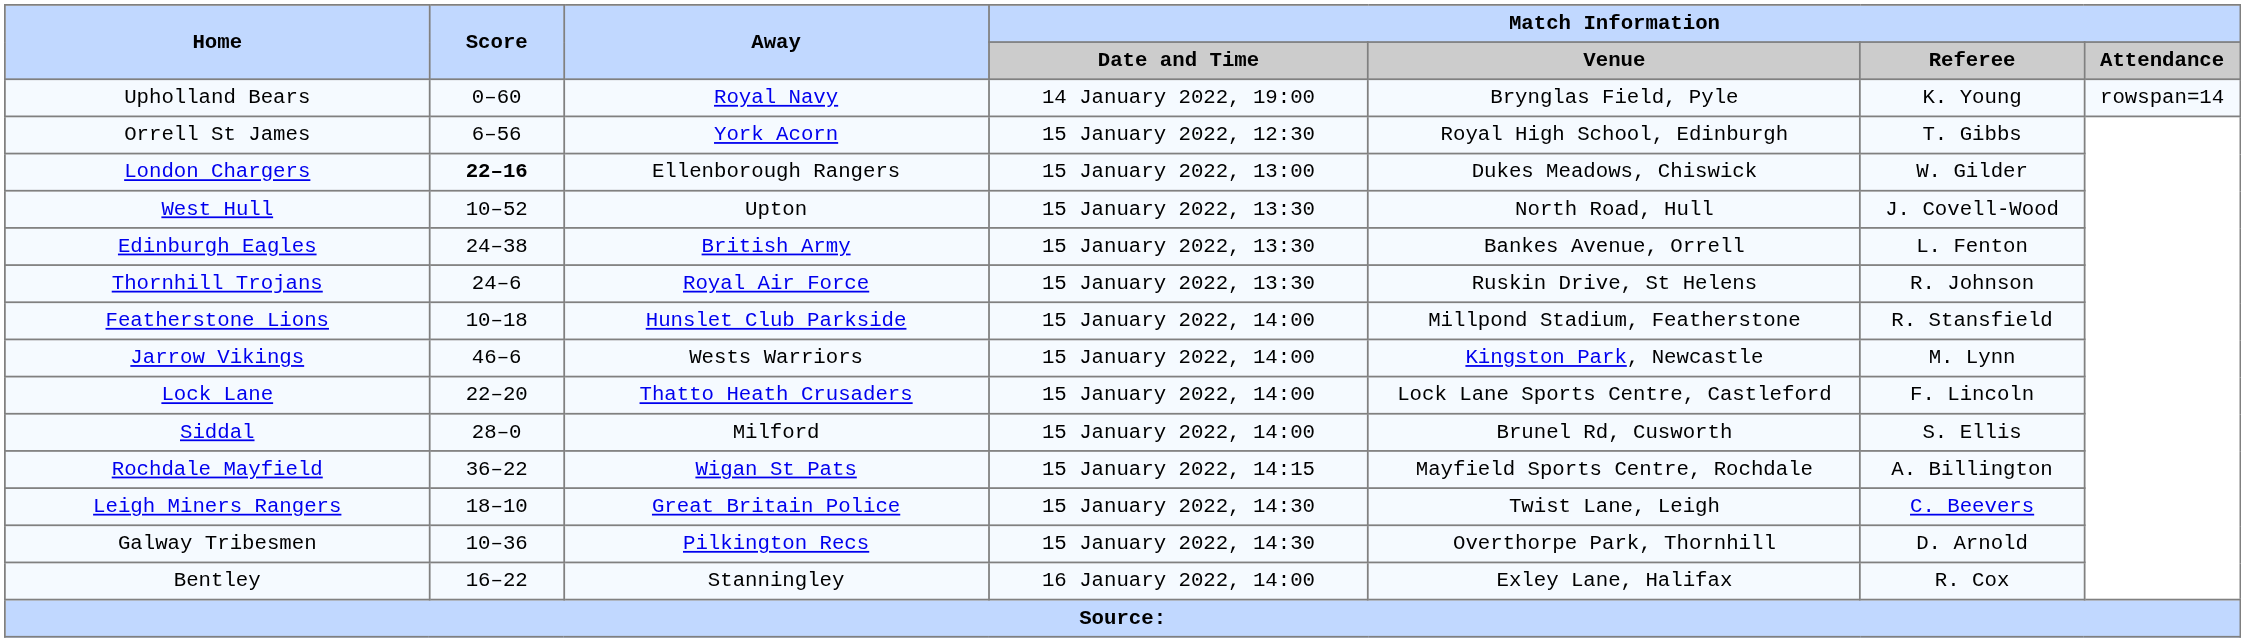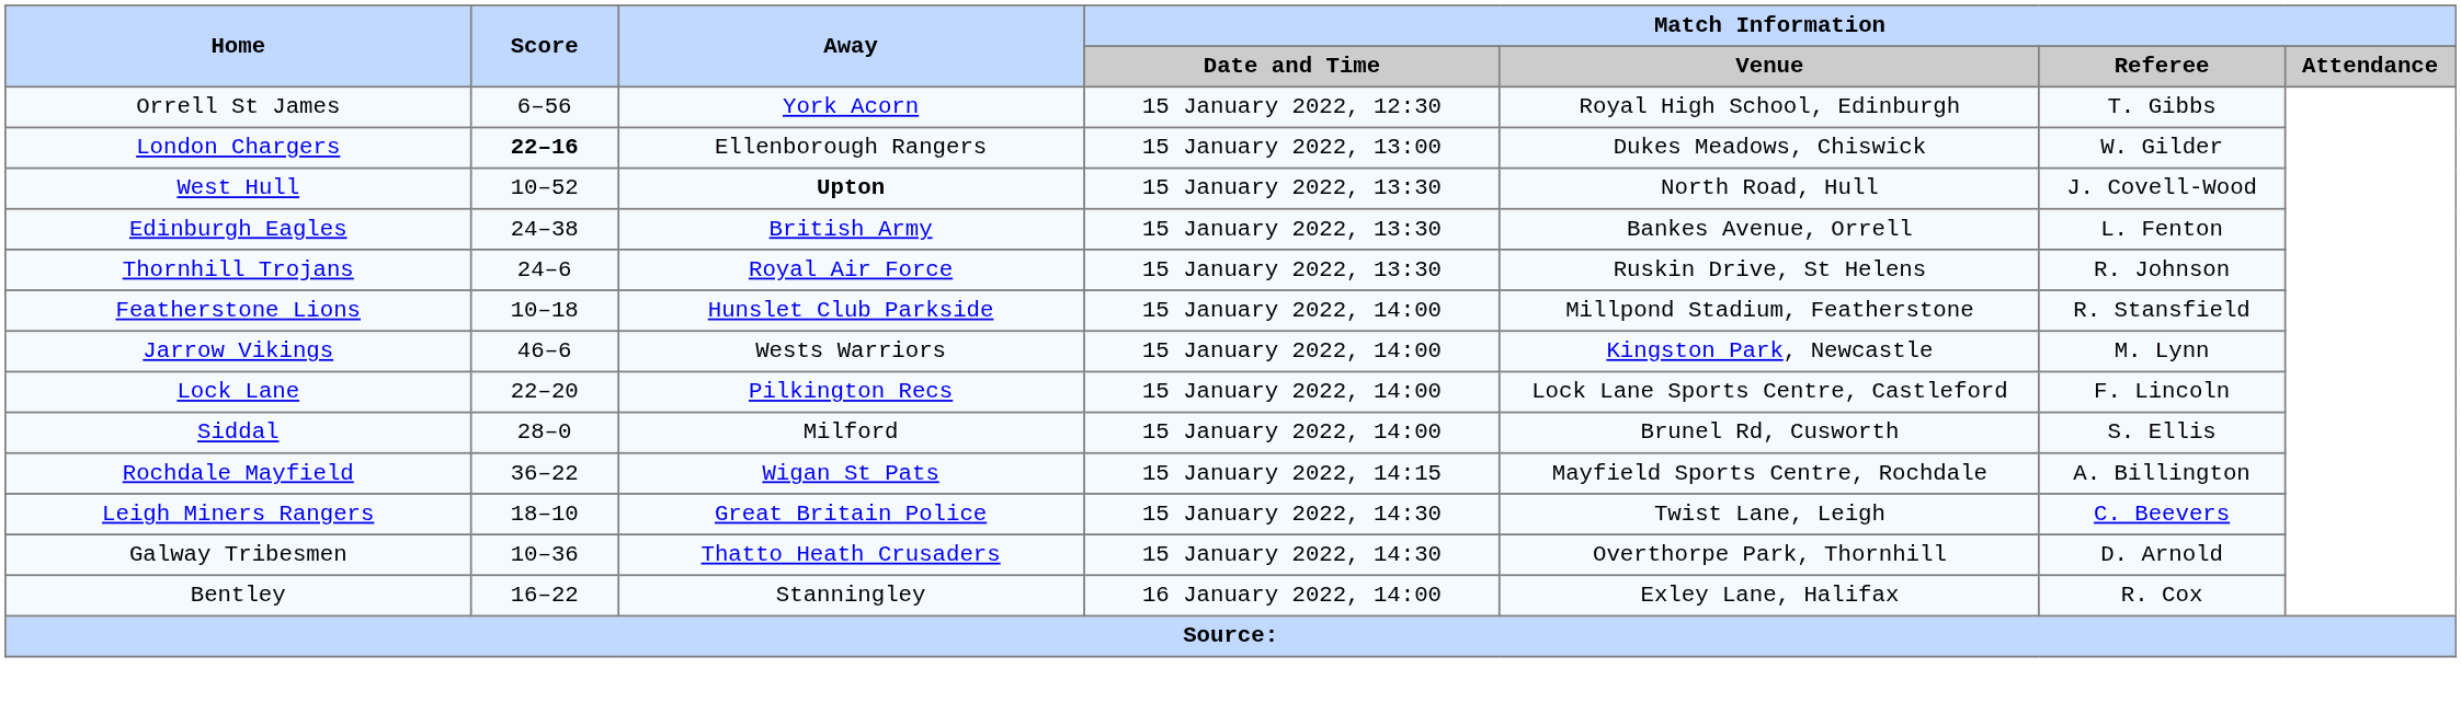 <table border=1 style="border-collapse:collapse; font-size:90%; text-align:center"; cellpadding=3 cellspacing=0 width=100%>
 <tr bgcolor="#c1d8ff">
 <th rowspan=2 width=19%>Home</th>
 <th rowspan=2 width=6%>Score</th>
 <th rowspan=2 width=19%>Away</th>
 <th colspan=4>Match Information</th>
 </tr>
 <tr bgcolor="#cccccc">
 <th width=17%>Date and Time</th>
 <th width=22%>Venue</th>
 <th width=10%>Referee</th>
 <th width=7%>Attendance</th>
-</tr>
-<tr bgcolor=#f5faff>
-<td>Upholland Bears</td>
-<td>0–60</td>
-<td><a href='#'>Royal Navy</a></td>
-<td>14 January 2022, 19:00</td>
-<td>Brynglas Field, Pyle</td>
-<td>K. Young</td>
-<td>rowspan=14 </td>
 </tr>
 <tr bgcolor=#f5faff>
 <td>Orrell St James</td>
 <td>6–56</td>
 <td><a href='#'>York Acorn</a></td>
 <td>15 January 2022, 12:30</td>
 <td>Royal High School, Edinburgh</td>
 <td>T. Gibbs</td>
 </tr>
 <tr bgcolor=#f5faff>
 <td><a href='#'>London Chargers</a></td>
 <td><strong>22–16</strong></td>
 <td>Ellenborough Rangers</td>
 <td>15 January 2022, 13:00</td>
 <td>Dukes Meadows, Chiswick</td>
 <td>W. Gilder</td>
 </tr>
 <tr bgcolor=#f5faff>
 <td><a href='#'>West Hull</a></td>
 <td>10–52</td>
-<td>Upton</td>
+<td><strong>Upton</strong></td>
 <td>15 January 2022, 13:30</td>
 <td>North Road, Hull</td>
 <td>J. Covell-Wood</td>
 </tr>
 <tr bgcolor=#f5faff>
 <td><a href='#'>Edinburgh Eagles</a></td>
 <td>24–38</td>
 <td><a href='#'>British Army</a></td>
 <td>15 January 2022, 13:30</td>
 <td>Bankes Avenue, Orrell</td>
 <td>L. Fenton</td>
 </tr>
 <tr bgcolor=#f5faff>
 <td><a href='#'>Thornhill Trojans</a></td>
 <td>24–6</td>
 <td><a href='#'>Royal Air Force</a></td>
 <td>15 January 2022, 13:30</td>
 <td>Ruskin Drive, St Helens</td>
 <td>R. Johnson</td>
 </tr>
 <tr bgcolor=#f5faff>
 <td><a href='#'>Featherstone Lions</a></td>
 <td>10–18</td>
 <td><a href='#'>Hunslet Club Parkside</a></td>
 <td>15 January 2022, 14:00</td>
 <td>Millpond Stadium, Featherstone</td>
 <td>R. Stansfield</td>
 </tr>
 <tr bgcolor=#f5faff>
 <td><a href='#'>Jarrow Vikings</a></td>
 <td>46–6</td>
 <td>Wests Warriors</td>
 <td>15 January 2022, 14:00</td>
 <td><a href='#'>Kingston Park</a>, Newcastle</td>
 <td>M. Lynn</td>
 </tr>
 <tr bgcolor=#f5faff>
 <td><a href='#'>Lock Lane</a></td>
 <td>22–20</td>
-<td><a href='#'>Thatto Heath Crusaders</a></td>
+<td><a href='#'>Pilkington Recs</a></td>
 <td>15 January 2022, 14:00</td>
 <td>Lock Lane Sports Centre, Castleford</td>
 <td>F. Lincoln</td>
 </tr>
 <tr bgcolor=#f5faff>
 <td><a href='#'>Siddal</a></td>
 <td>28–0</td>
 <td>Milford</td>
 <td>15 January 2022, 14:00</td>
 <td>Brunel Rd, Cusworth</td>
 <td>S. Ellis</td>
 </tr>
 <tr bgcolor=#f5faff>
 <td><a href='#'>Rochdale Mayfield</a></td>
 <td>36–22</td>
 <td><a href='#'>Wigan St Pats</a></td>
 <td>15 January 2022, 14:15</td>
 <td>Mayfield Sports Centre, Rochdale</td>
 <td>A. Billington</td>
 </tr>
 <tr bgcolor=#f5faff>
 <td><a href='#'>Leigh Miners Rangers</a></td>
 <td>18–10</td>
 <td><a href='#'>Great Britain Police</a></td>
 <td>15 January 2022, 14:30</td>
 <td>Twist Lane, Leigh</td>
 <td><a href='#'>C. Beevers</a></td>
 </tr>
 <tr bgcolor=#f5faff>
 <td>Galway Tribesmen</td>
 <td>10–36</td>
-<td><a href='#'>Pilkington Recs</a></td>
+<td><a href='#'>Thatto Heath Crusaders</a></td>
 <td>15 January 2022, 14:30</td>
 <td>Overthorpe Park, Thornhill</td>
 <td>D. Arnold</td>
 </tr>
 <tr bgcolor=#f5faff>
 <td>Bentley</td>
 <td>16–22</td>
 <td>Stanningley</td>
 <td>16 January 2022, 14:00</td>
 <td>Exley Lane, Halifax</td>
 <td>R. Cox</td>
 </tr>
 <tr bgcolor=#c1d8ff>
 <th colspan=7>Source:</th>
 </tr>
 </table>
